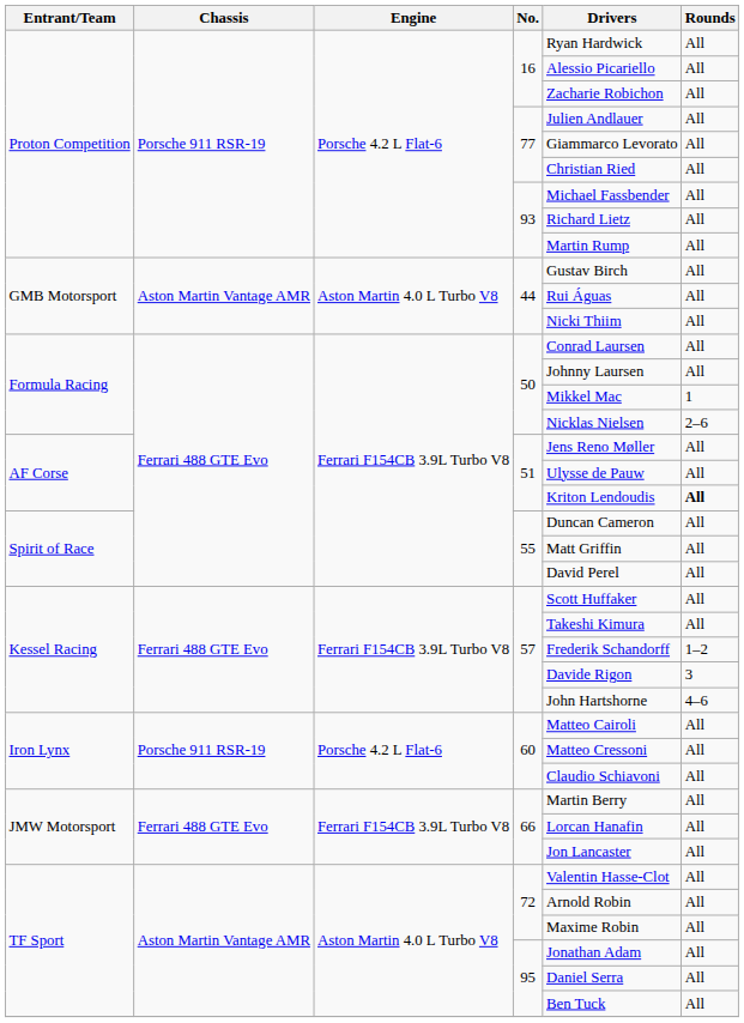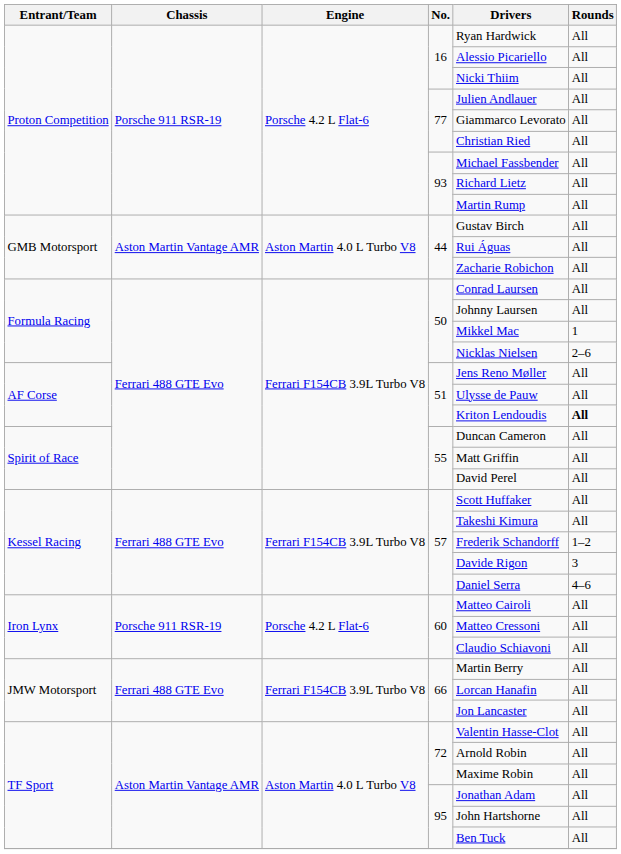 <table class="wikitable" style="font-size: 85%;">
 <tr>
 <th>Entrant/Team</th>
 <th>Chassis</th>
 <th>Engine</th>
 <th>No.</th>
 <th>Drivers</th>
 <th>Rounds</th>
 </tr>
 <tr>
 <td rowspan="9"> <a href='#'>Proton Competition</a></td>
 <td rowspan="9"><a href='#'>Porsche 911 RSR-19</a></td>
 <td rowspan="9"><a href='#'>Porsche</a> 4.2 L <a href='#'>Flat-6</a></td>
 <td rowspan="3" align="center">16</td>
 <td> Ryan Hardwick</td>
 <td>All</td>
 </tr>
 <tr>
 <td> <a href='#'>Alessio Picariello</a></td>
 <td>All</td>
 </tr>
 <tr>
-<td> <a href='#'>Zacharie Robichon</a></td>
+<td> <a href='#'>Nicki Thiim</a></td>
 <td>All</td>
 </tr>
 <tr>
 <td rowspan="3" align="center">77</td>
 <td> <a href='#'>Julien Andlauer</a></td>
 <td>All</td>
 </tr>
 <tr>
 <td> Giammarco Levorato</td>
 <td>All</td>
 </tr>
 <tr>
 <td> <a href='#'>Christian Ried</a></td>
 <td>All</td>
 </tr>
 <tr>
 <td rowspan="3" align="center">93</td>
 <td nowrap> <a href='#'>Michael Fassbender</a></td>
 <td>All</td>
 </tr>
 <tr>
 <td> <a href='#'>Richard Lietz</a></td>
 <td>All</td>
 </tr>
 <tr>
 <td> <a href='#'>Martin Rump</a></td>
 <td>All</td>
 </tr>
 <tr>
 <td rowspan="3"> GMB Motorsport</td>
 <td rowspan="3"><a href='#'>Aston Martin Vantage AMR</a></td>
 <td rowspan="3"><a href='#'>Aston Martin</a> 4.0 L Turbo <a href='#'>V8</a></td>
 <td rowspan="3" align="center">44</td>
 <td> Gustav Birch</td>
 <td>All</td>
 </tr>
 <tr>
 <td> <a href='#'>Rui Águas</a></td>
 <td>All</td>
 </tr>
 <tr>
-<td> <a href='#'>Nicki Thiim</a></td>
+<td> <a href='#'>Zacharie Robichon</a></td>
 <td>All</td>
 </tr>
 <tr>
 <td rowspan="4"> <a href='#'>Formula Racing</a></td>
 <td rowspan="10"><a href='#'>Ferrari 488 GTE Evo</a></td>
 <td rowspan="10"><a href='#'>Ferrari F154CB</a> 3.9L Turbo V8</td>
 <td rowspan="4" align="center">50</td>
 <td> <a href='#'>Conrad Laursen</a></td>
 <td>All</td>
 </tr>
 <tr>
 <td> Johnny Laursen</td>
 <td>All</td>
 </tr>
 <tr>
 <td> <a href='#'>Mikkel Mac</a></td>
 <td>1</td>
 </tr>
 <tr>
 <td> <a href='#'>Nicklas Nielsen</a></td>
 <td>2–6</td>
 </tr>
 <tr>
 <td rowspan="3"> <a href='#'>AF Corse</a></td>
 <td rowspan="3" align="center">51</td>
 <td> <a href='#'>Jens Reno Møller</a></td>
 <td>All</td>
 </tr>
 <tr>
 <td> <a href='#'>Ulysse de Pauw</a></td>
 <td>All</td>
 </tr>
 <tr>
 <td> <a href='#'>Kriton Lendoudis</a></td>
 <td><strong>All</strong></td>
 </tr>
 <tr>
 <td rowspan="3"> <a href='#'>Spirit of Race</a></td>
 <td rowspan="3" align="center">55</td>
 <td> Duncan Cameron</td>
 <td>All</td>
 </tr>
 <tr>
 <td> Matt Griffin</td>
 <td>All</td>
 </tr>
 <tr>
 <td> David Perel</td>
 <td>All</td>
 </tr>
 <tr>
 <td rowspan="5"> <a href='#'>Kessel Racing</a></td>
 <td rowspan="5"><a href='#'>Ferrari 488 GTE Evo</a></td>
 <td rowspan="5"><a href='#'>Ferrari F154CB</a> 3.9L Turbo V8</td>
 <td rowspan="5" align="center">57</td>
 <td> <a href='#'>Scott Huffaker</a></td>
 <td>All</td>
 </tr>
 <tr>
 <td> <a href='#'>Takeshi Kimura</a></td>
 <td>All</td>
 </tr>
 <tr>
 <td> <a href='#'>Frederik Schandorff</a></td>
 <td>1–2</td>
 </tr>
 <tr>
 <td> <a href='#'>Davide Rigon</a></td>
 <td>3</td>
 </tr>
 <tr>
-<td> John Hartshorne</td>
+<td> <a href='#'>Daniel Serra</a></td>
 <td>4–6</td>
 </tr>
 <tr>
 <td rowspan="3"> <a href='#'>Iron Lynx</a></td>
 <td rowspan="3"><a href='#'>Porsche 911 RSR-19</a></td>
 <td rowspan="3"><a href='#'>Porsche</a> 4.2 L <a href='#'>Flat-6</a></td>
 <td rowspan="3" align="center">60</td>
 <td> <a href='#'>Matteo Cairoli</a></td>
 <td>All</td>
 </tr>
 <tr>
 <td> <a href='#'>Matteo Cressoni</a></td>
 <td>All</td>
 </tr>
 <tr>
 <td> <a href='#'>Claudio Schiavoni</a></td>
 <td>All</td>
 </tr>
 <tr>
 <td rowspan="3"> JMW Motorsport</td>
 <td rowspan="3"><a href='#'>Ferrari 488 GTE Evo</a></td>
 <td rowspan="3"><a href='#'>Ferrari F154CB</a> 3.9L Turbo V8</td>
 <td rowspan="3" align="center">66</td>
 <td> Martin Berry</td>
 <td>All</td>
 </tr>
 <tr>
 <td> <a href='#'>Lorcan Hanafin</a></td>
 <td>All</td>
 </tr>
 <tr>
 <td> <a href='#'>Jon Lancaster</a></td>
 <td>All</td>
 </tr>
 <tr>
 <td rowspan="6"> <a href='#'>TF Sport</a></td>
 <td rowspan="6"><a href='#'>Aston Martin Vantage AMR</a></td>
 <td rowspan="6"><a href='#'>Aston Martin</a> 4.0 L Turbo <a href='#'>V8</a></td>
 <td rowspan="3" align="center">72</td>
 <td> <a href='#'>Valentin Hasse-Clot</a></td>
 <td>All</td>
 </tr>
 <tr>
 <td> Arnold Robin</td>
 <td>All</td>
 </tr>
 <tr>
 <td> Maxime Robin</td>
 <td>All</td>
 </tr>
 <tr>
 <td rowspan="3" align="center">95</td>
 <td> <a href='#'>Jonathan Adam</a></td>
 <td>All</td>
 </tr>
 <tr>
-<td> <a href='#'>Daniel Serra</a></td>
+<td> John Hartshorne</td>
 <td>All</td>
 </tr>
 <tr>
 <td> <a href='#'>Ben Tuck</a></td>
 <td>All</td>
 </tr>
 <tr>
 </tr>
 </table>
